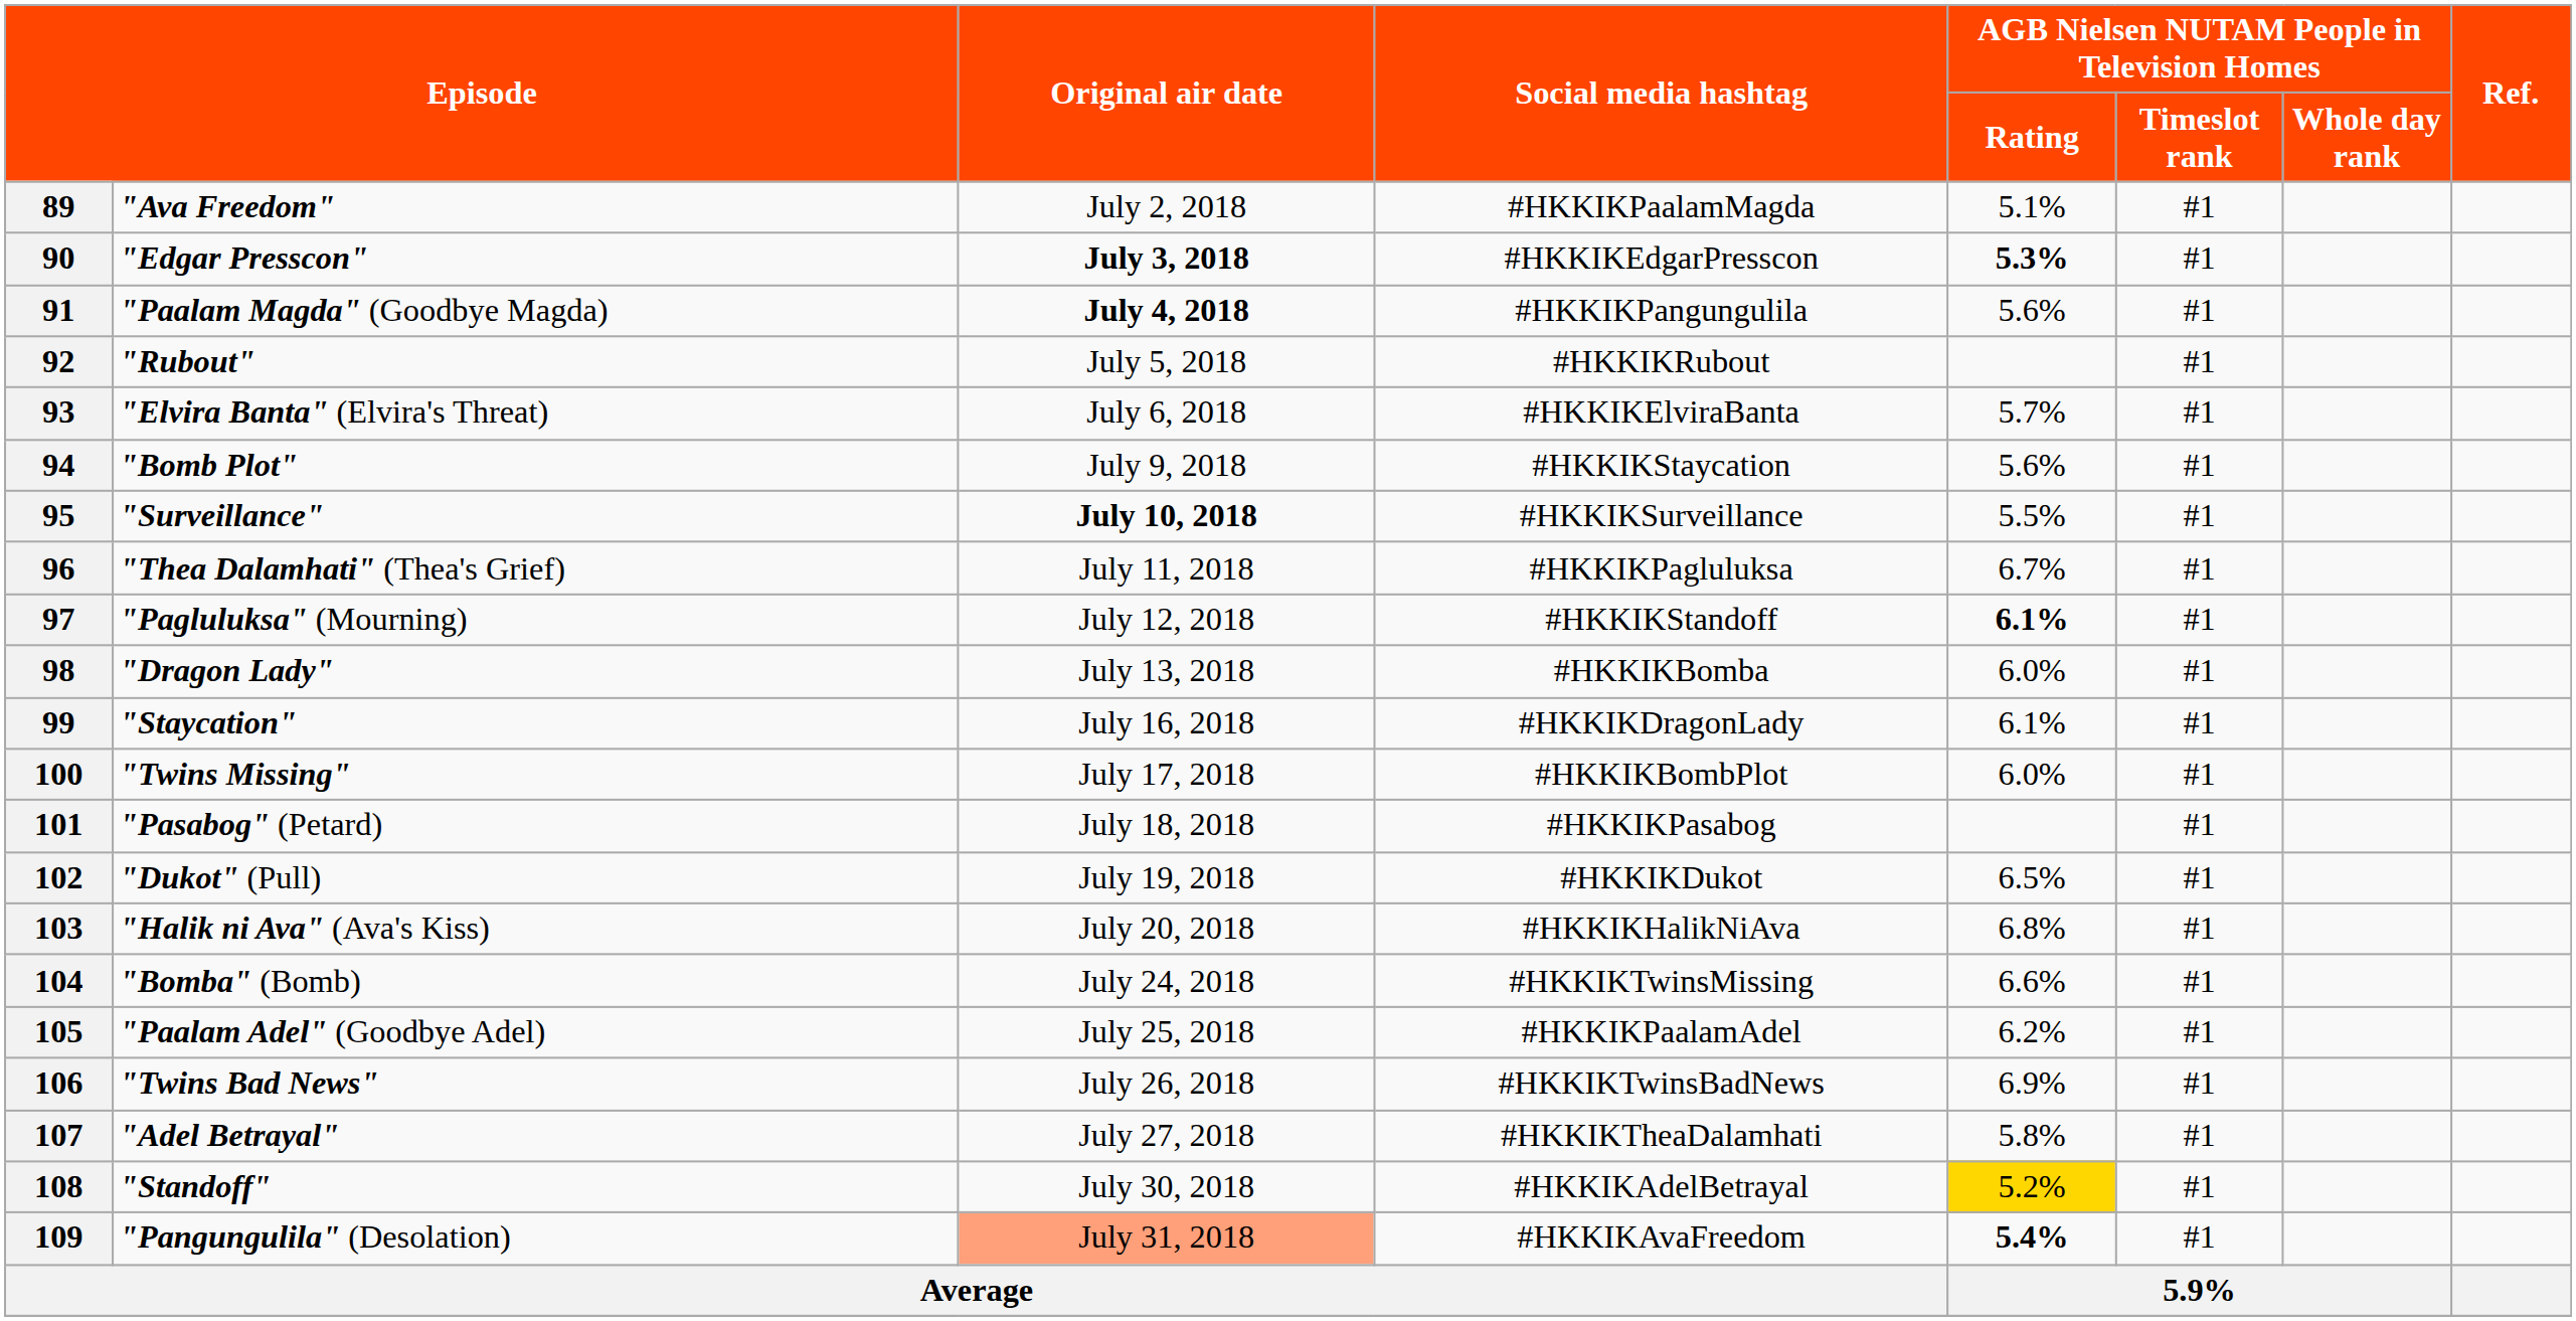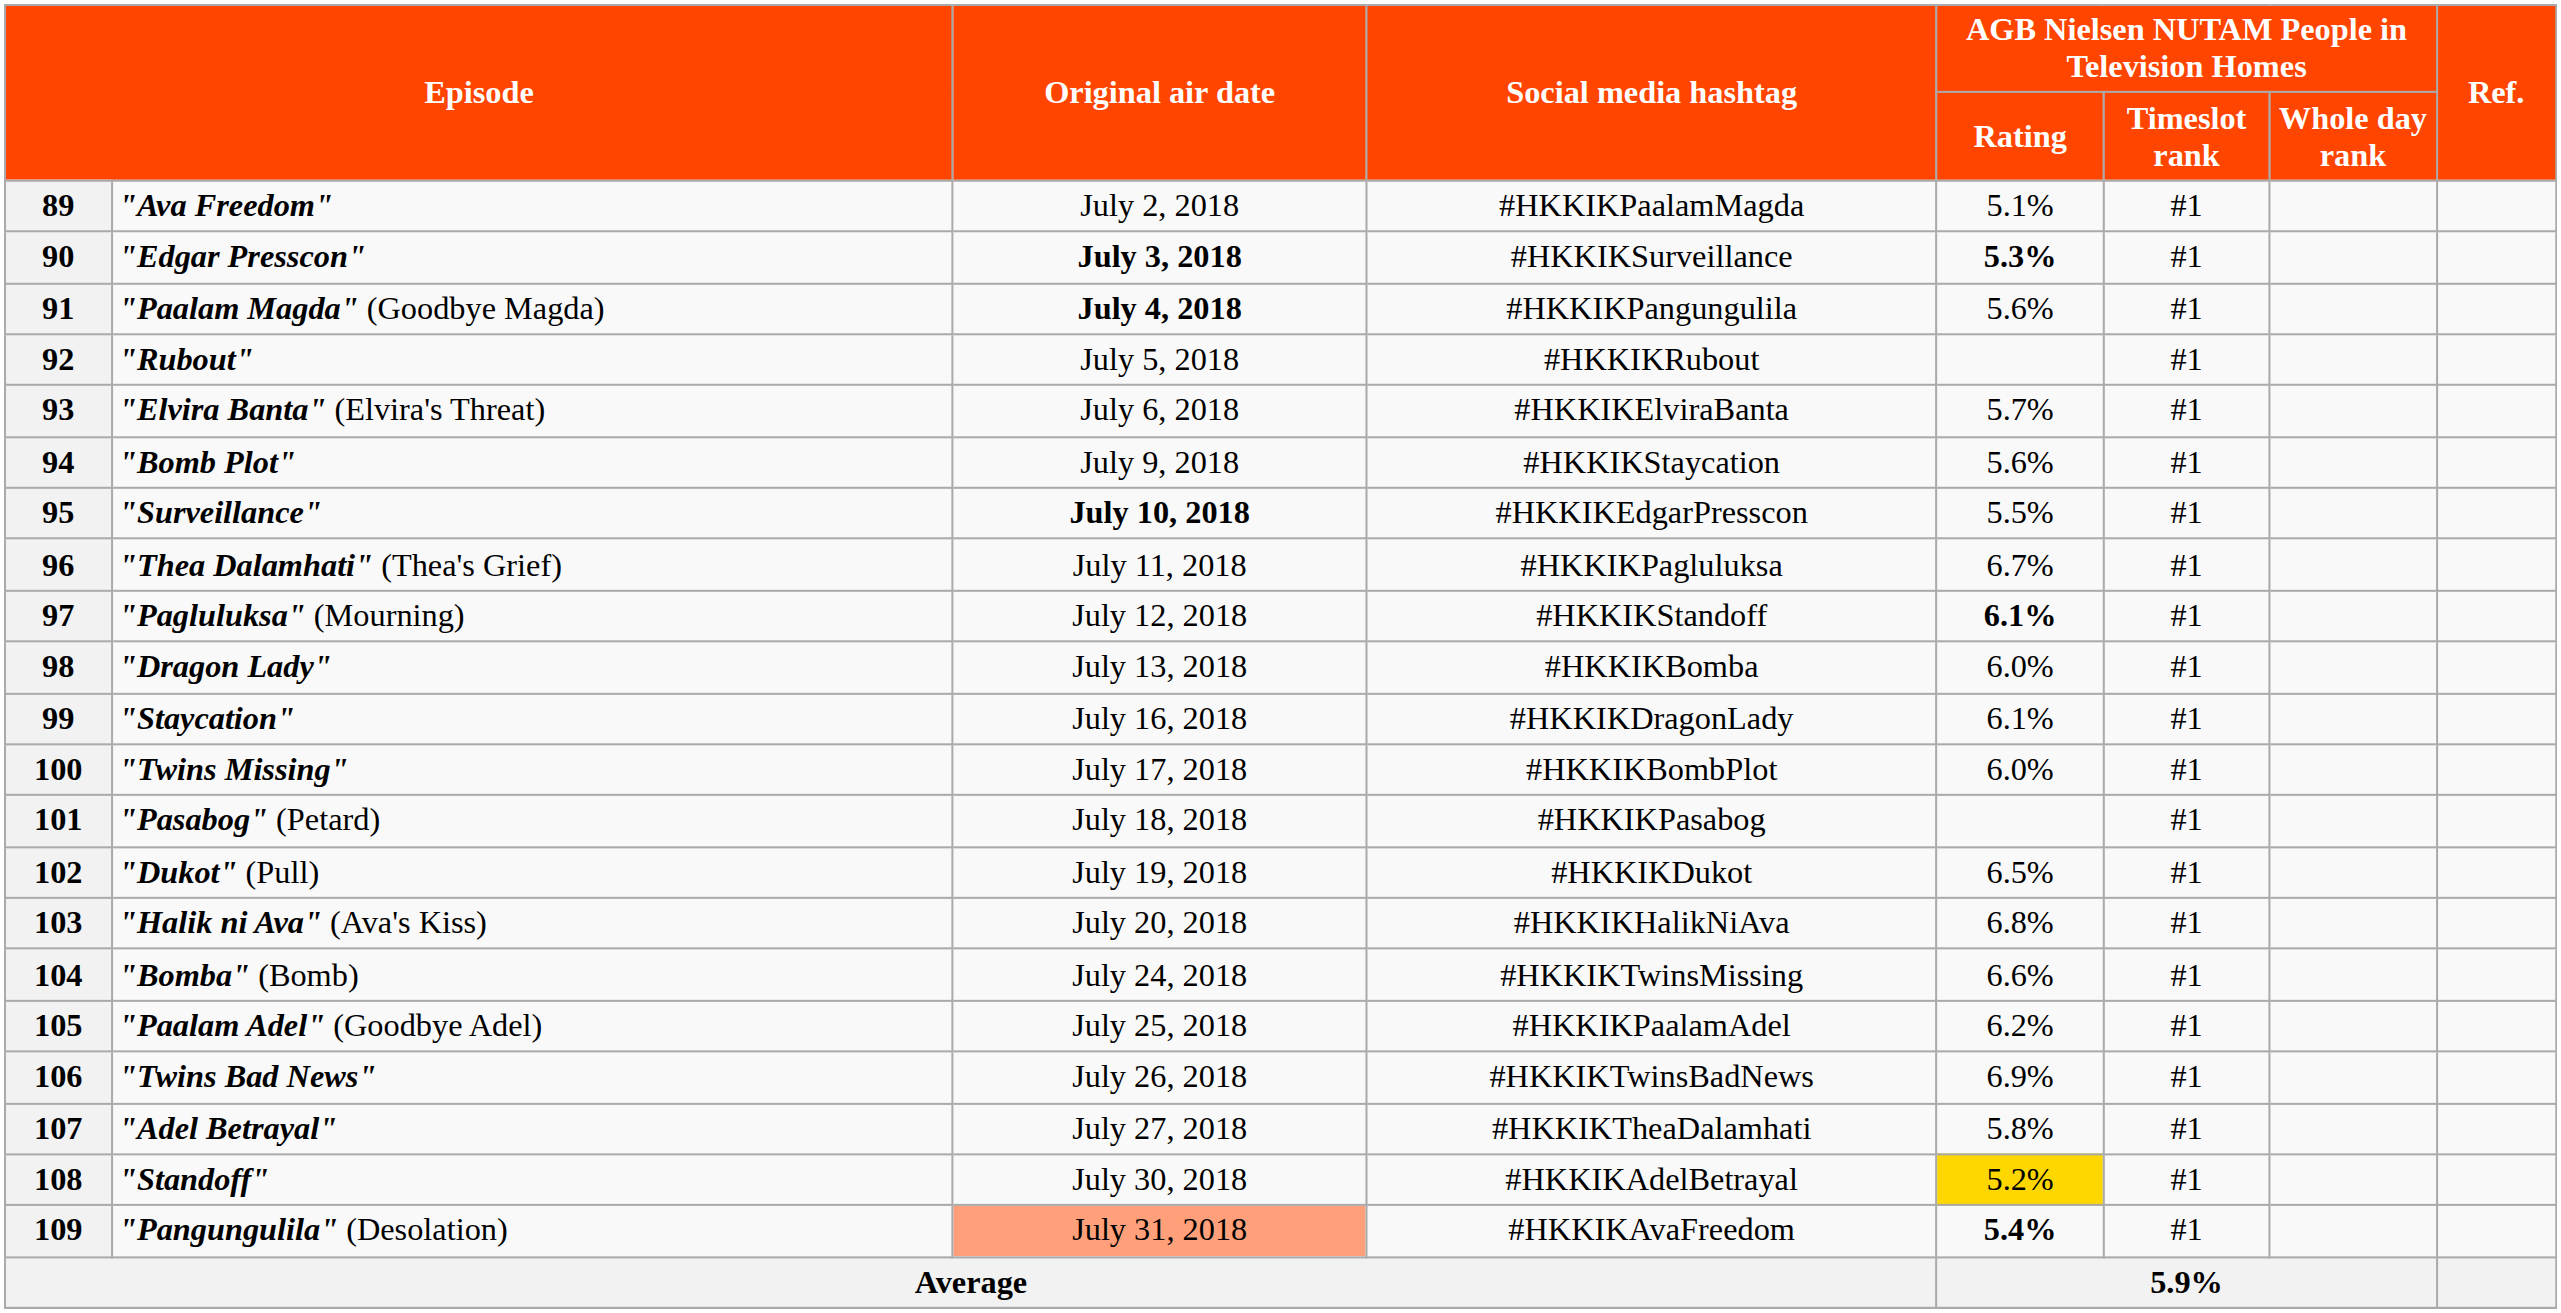 <table class="wikitable" style="text-align:center; font-size:100%; line-height:18px;" width="100%">
 <tr>
 <th style="background-color:#FF4500; color:#ffffff;" colspan="2" rowspan="2">Episode</th>
 <th style="background-color:#FF4500; color:white" rowspan="2">Original air date</th>
 <th style="background-color:#FF4500; color:white" rowspan="2">Social media hashtag</th>
 <th style="background-color:#FF4500; color:#ffffff;" colspan="3">AGB Nielsen NUTAM People in Television Homes</th>
 <th style="background-color:#FF4500; color:#ffffff;" rowspan="2">Ref.</th>
 </tr>
 <tr>
 <th style="background-color:#FF4500; width:75px; color:#ffffff;">Rating</th>
 <th style="background-color:#FF4500; width:75px; color:#ffffff;">Timeslot<br>rank</th>
 <th style="background-color:#FF4500; width:75px; color:#ffffff;">Whole day<br>rank</th>
 </tr>
 <tr>
 <th>89</th>
 <td style="text-align: left;"><strong><em>"Ava Freedom"</em></strong></td>
 <td>July 2, 2018</td>
 <td>#HKKIKPaalamMagda</td>
 <td>5.1%</td>
 <td>#1</td>
 <td></td>
 <td></td>
 </tr>
 <tr>
 <th>90</th>
 <td style="text-align: left;"><strong><em>"Edgar Presscon"</em></strong></td>
 <td><strong>July 3, 2018</strong></td>
-<td>#HKKIKEdgarPresscon</td>
+<td>#HKKIKSurveillance</td>
 <td><strong>5.3%</strong></td>
 <td>#1</td>
 <td></td>
 <td></td>
 </tr>
 <tr>
 <th>91</th>
 <td style="text-align: left;"><strong><em>"Paalam Magda"</em></strong> (Goodbye Magda)</td>
 <td><strong>July 4, 2018</strong></td>
 <td>#HKKIKPangungulila</td>
 <td>5.6%</td>
 <td>#1</td>
 <td></td>
 <td></td>
 </tr>
 <tr>
 <th>92</th>
 <td style="text-align: left;"><strong><em>"Rubout"</em></strong></td>
 <td>July 5, 2018</td>
 <td>#HKKIKRubout</td>
 <td></td>
 <td>#1</td>
 <td></td>
 <td></td>
 </tr>
 <tr>
 <th>93</th>
 <td style="text-align: left;"><strong><em>"Elvira Banta"</em></strong> (Elvira's Threat)</td>
 <td>July 6, 2018</td>
 <td>#HKKIKElviraBanta</td>
 <td>5.7%</td>
 <td>#1</td>
 <td></td>
 <td></td>
 </tr>
 <tr>
 <th>94</th>
 <td style="text-align: left;"><strong><em>"Bomb Plot"</em></strong></td>
 <td>July 9, 2018</td>
 <td>#HKKIKStaycation</td>
 <td>5.6%</td>
 <td>#1</td>
 <td></td>
 <td></td>
 </tr>
 <tr>
 <th>95</th>
 <td style="text-align: left"><strong><em>"Surveillance"</em></strong></td>
 <td><strong>July 10, 2018</strong></td>
-<td>#HKKIKSurveillance</td>
+<td>#HKKIKEdgarPresscon</td>
 <td>5.5%</td>
 <td>#1</td>
 <td></td>
 <td></td>
 </tr>
 <tr>
 <th>96</th>
 <td style="text-align: left;"><strong><em>"Thea Dalamhati"</em></strong> (Thea's Grief)</td>
 <td>July 11, 2018</td>
 <td>#HKKIKPagluluksa</td>
 <td>6.7%</td>
 <td>#1</td>
 <td></td>
 <td></td>
 </tr>
 <tr>
 <th>97</th>
 <td style="text-align: left;"><strong><em>"Pagluluksa"</em></strong> (Mourning)</td>
 <td>July 12, 2018</td>
 <td>#HKKIKStandoff</td>
 <td><strong>6.1%</strong></td>
 <td>#1</td>
 <td></td>
 <td></td>
 </tr>
 <tr>
 <th>98</th>
 <td style="text-align: left;"><strong><em>"Dragon Lady"</em></strong></td>
 <td>July 13, 2018</td>
 <td>#HKKIKBomba</td>
 <td>6.0%</td>
 <td>#1</td>
 <td></td>
 <td></td>
 </tr>
 <tr>
 <th>99</th>
 <td style="text-align: left;"><strong><em>"Staycation"</em></strong></td>
 <td>July 16, 2018</td>
 <td>#HKKIKDragonLady</td>
 <td>6.1%</td>
 <td>#1</td>
 <td></td>
 <td></td>
 </tr>
 <tr>
 <th>100</th>
 <td style="text-align: left;"><strong><em>"Twins Missing"</em></strong></td>
 <td>July 17, 2018</td>
 <td>#HKKIKBombPlot</td>
 <td>6.0%</td>
 <td>#1</td>
 <td></td>
 <td></td>
 </tr>
 <tr>
 <th>101</th>
 <td style="text-align: left;"><strong><em>"Pasabog"</em></strong> (Petard)</td>
 <td>July 18, 2018</td>
 <td>#HKKIKPasabog</td>
 <td></td>
 <td>#1</td>
 <td></td>
 <td></td>
 </tr>
 <tr>
 <th>102</th>
 <td style="text-align: left;"><strong><em>"Dukot"</em></strong> (Pull)</td>
 <td>July 19, 2018</td>
 <td>#HKKIKDukot</td>
 <td>6.5%</td>
 <td>#1</td>
 <td></td>
 <td></td>
 </tr>
 <tr>
 <th>103</th>
 <td style="text-align: left;"><strong><em>"Halik ni Ava"</em></strong> (Ava's Kiss)</td>
 <td>July 20, 2018</td>
 <td>#HKKIKHalikNiAva</td>
 <td>6.8%</td>
 <td>#1</td>
 <td></td>
 <td></td>
 </tr>
 <tr>
 <th>104</th>
 <td style="text-align: left;"><strong><em>"Bomba"</em></strong> (Bomb)</td>
 <td>July 24, 2018</td>
 <td>#HKKIKTwinsMissing</td>
 <td>6.6%</td>
 <td>#1</td>
 <td></td>
 <td></td>
 </tr>
 <tr>
 <th>105</th>
 <td style="text-align: left;"><strong><em>"Paalam Adel"</em></strong> (Goodbye Adel)</td>
 <td>July 25, 2018</td>
 <td>#HKKIKPaalamAdel</td>
 <td>6.2%</td>
 <td>#1</td>
 <td></td>
 <td></td>
 </tr>
 <tr>
 <th>106</th>
 <td style="text-align: left;"><strong><em>"Twins Bad News"</em></strong></td>
 <td>July 26, 2018</td>
 <td>#HKKIKTwinsBadNews</td>
 <td>6.9%</td>
 <td>#1</td>
 <td></td>
 <td></td>
 </tr>
 <tr>
 <th>107</th>
 <td style="text-align: left;"><strong><em>"Adel Betrayal"</em></strong></td>
 <td>July 27, 2018</td>
 <td>#HKKIKTheaDalamhati</td>
 <td>5.8%</td>
 <td>#1</td>
 <td></td>
 <td></td>
 </tr>
 <tr>
 <th>108</th>
 <td style="text-align: left;"><strong><em>"Standoff"</em></strong></td>
 <td>July 30, 2018</td>
 <td>#HKKIKAdelBetrayal</td>
 <td style="background: gold;">5.2%</td>
 <td>#1</td>
 <td></td>
 <td></td>
 </tr>
 <tr>
 <th>109</th>
 <td style="text-align: left;"><strong><em>"Pangungulila"</em></strong> (Desolation)</td>
 <td style="background: lightsalmon;">July 31, 2018</td>
 <td>#HKKIKAvaFreedom</td>
 <td><strong>5.4%</strong></td>
 <td>#1</td>
 <td></td>
 <td></td>
 </tr>
 <tr>
 <th colspan="4">Average</th>
 <th colspan="3">5.9%</th>
 <th></th>
 </tr>
 <tr>
 </tr>
 </table>
